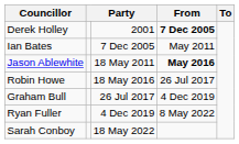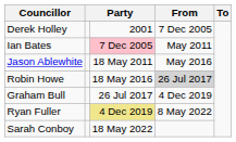 <table class=wikitable>
 <tr>
 <th>Councillor</th>
 <th colspan=2>Party</th>
 <th>From</th>
 <th>To</th>
 </tr>
 <tr>
 <td>Derek Holley</td>
 <td></td>
 <td align=right>2001</td>
-<td align=right><strong>7 Dec 2005</strong></td>
+<td align=right>7 Dec 2005</td>
 </tr>
 <tr>
 <td>Ian Bates</td>
 <td></td>
-<td align=right>7 Dec 2005</td>
+<td align=right style="background: pink;">7 Dec 2005</td>
 <td align=right>May 2011</td>
 </tr>
 <tr>
 <td><a href='#'>Jason Ablewhite</a></td>
 <td></td>
 <td align=right>18 May 2011</td>
-<td align=right><strong>May 2016</strong></td>
+<td align=right>May 2016</td>
 </tr>
 <tr>
 <td>Robin Howe</td>
 <td></td>
 <td align=right>18 May 2016</td>
-<td align=right>26 Jul 2017</td>
+<td align=right style="background: lightgrey;">26 Jul 2017</td>
 </tr>
 <tr>
 <td>Graham Bull</td>
 <td></td>
 <td align=right>26 Jul 2017</td>
 <td align=right>4 Dec 2019</td>
 </tr>
 <tr>
 <td>Ryan Fuller</td>
 <td></td>
-<td align=right>4 Dec 2019</td>
+<td align=right style="background: khaki;">4 Dec 2019</td>
 <td align=right>8 May 2022</td>
 </tr>
 <tr>
 <td>Sarah Conboy</td>
 <td></td>
 <td align=right>18 May 2022</td>
 <td></td>
 </tr>
 </table>
